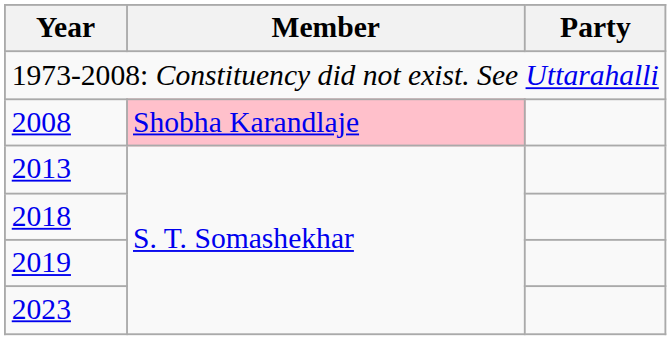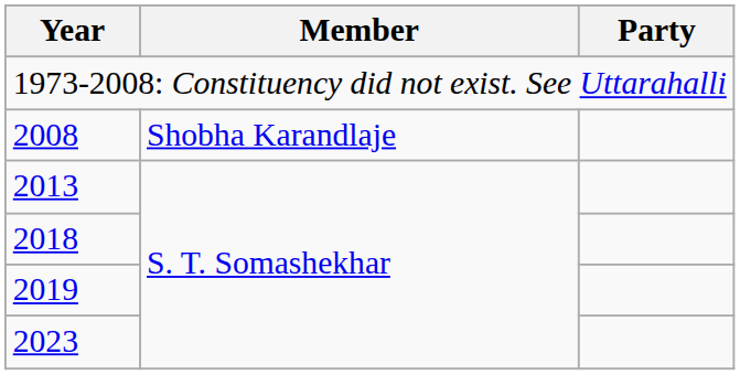 <table class="wikitable sortable">
 <tr>
 <th>Year</th>
 <th>Member</th>
 <th colspan=2>Party</th>
 </tr>
 <tr>
 <td colspan=4>1973-2008: <em>Constituency did not exist. See <a href='#'>Uttarahalli</a></em></td>
 </tr>
 <tr>
 <td><a href='#'>2008</a></td>
-<td style="background: pink;"><a href='#'>Shobha Karandlaje</a></td>
+<td><a href='#'>Shobha Karandlaje</a></td>
 <td></td>
 </tr>
 <tr>
 <td><a href='#'>2013</a></td>
 <td rowspan=4><a href='#'>S. T. Somashekhar</a></td>
 <td></td>
 </tr>
 <tr>
 <td><a href='#'>2018</a></td>
 </tr>
 <tr>
 <td><a href='#'>2019</a></td>
 <td></td>
 </tr>
 <tr>
 <td><a href='#'>2023</a></td>
 </tr>
 </table>
